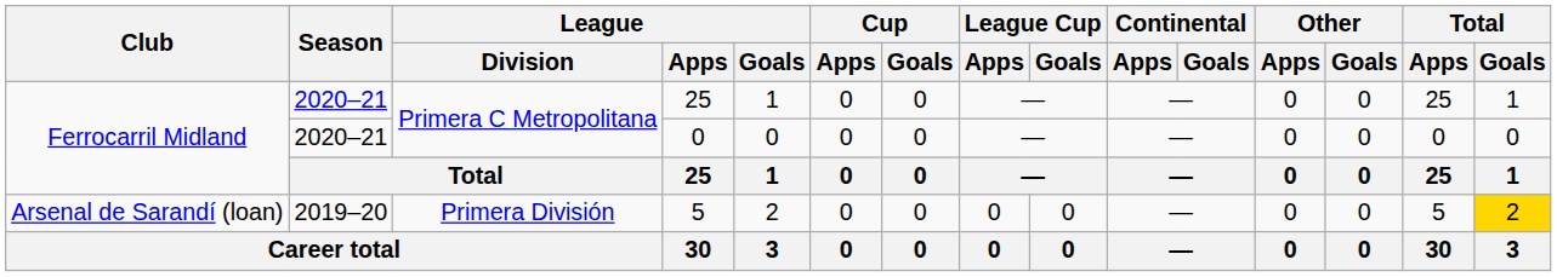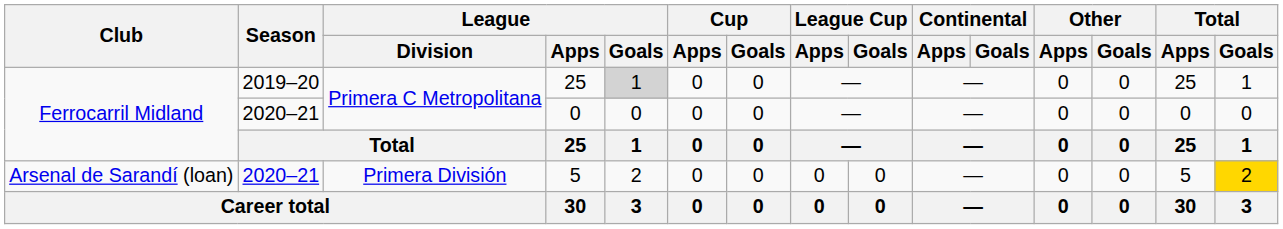 <table class="wikitable" style="text-align:center">
 <tr>
 <th rowspan="2">Club</th>
 <th rowspan="2">Season</th>
 <th colspan="3">League</th>
 <th colspan="2">Cup</th>
 <th colspan="2">League Cup</th>
 <th colspan="2">Continental</th>
 <th colspan="2">Other</th>
 <th colspan="2">Total</th>
 </tr>
 <tr>
 <th>Division</th>
 <th>Apps</th>
 <th>Goals</th>
 <th>Apps</th>
 <th>Goals</th>
 <th>Apps</th>
 <th>Goals</th>
 <th>Apps</th>
 <th>Goals</th>
 <th>Apps</th>
 <th>Goals</th>
 <th>Apps</th>
 <th>Goals</th>
 </tr>
 <tr>
 <td rowspan="3"><a href='#'>Ferrocarril Midland</a></td>
-<td><a href='#'>2020–21</a></td>
+<td>2019–20</td>
 <td rowspan="2"><a href='#'>Primera C Metropolitana</a></td>
 <td>25</td>
-<td>1</td>
+<td style="background: lightgrey;">1</td>
 <td>0</td>
 <td>0</td>
 <td colspan="2">—</td>
 <td colspan="2">—</td>
 <td>0</td>
 <td>0</td>
 <td>25</td>
 <td>1</td>
 </tr>
 <tr>
 <td>2020–21</td>
 <td>0</td>
 <td>0</td>
 <td>0</td>
 <td>0</td>
 <td colspan="2">—</td>
 <td colspan="2">—</td>
 <td>0</td>
 <td>0</td>
 <td>0</td>
 <td>0</td>
 </tr>
 <tr>
 <th colspan="2">Total</th>
 <th>25</th>
 <th>1</th>
 <th>0</th>
 <th>0</th>
 <th colspan="2">—</th>
 <th colspan="2">—</th>
 <th>0</th>
 <th>0</th>
 <th>25</th>
 <th>1</th>
 </tr>
 <tr>
 <td rowspan="1"><a href='#'>Arsenal de Sarandí</a> (loan)</td>
-<td>2019–20</td>
+<td><a href='#'>2020–21</a></td>
 <td rowspan="1"><a href='#'>Primera División</a></td>
 <td>5</td>
 <td>2</td>
 <td>0</td>
 <td>0</td>
 <td>0</td>
 <td>0</td>
 <td colspan="2">—</td>
 <td>0</td>
 <td>0</td>
 <td>5</td>
 <td style="background: gold;">2</td>
 </tr>
 <tr>
 <th colspan="3">Career total</th>
 <th>30</th>
 <th>3</th>
 <th>0</th>
 <th>0</th>
 <th>0</th>
 <th>0</th>
 <th colspan="2">—</th>
 <th>0</th>
 <th>0</th>
 <th>30</th>
 <th>3</th>
 </tr>
 </table>
